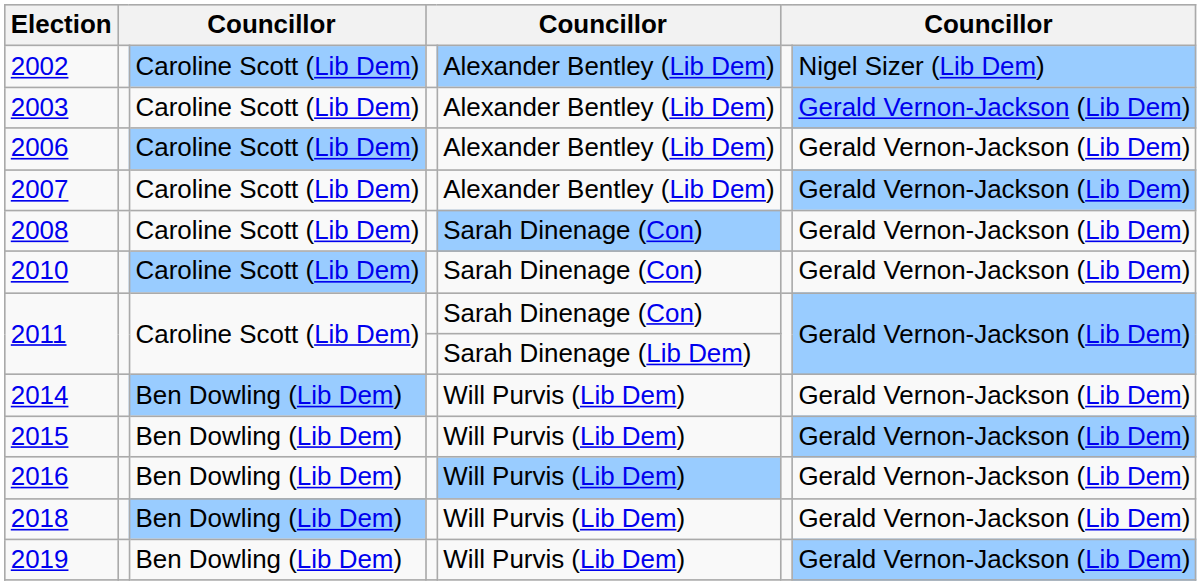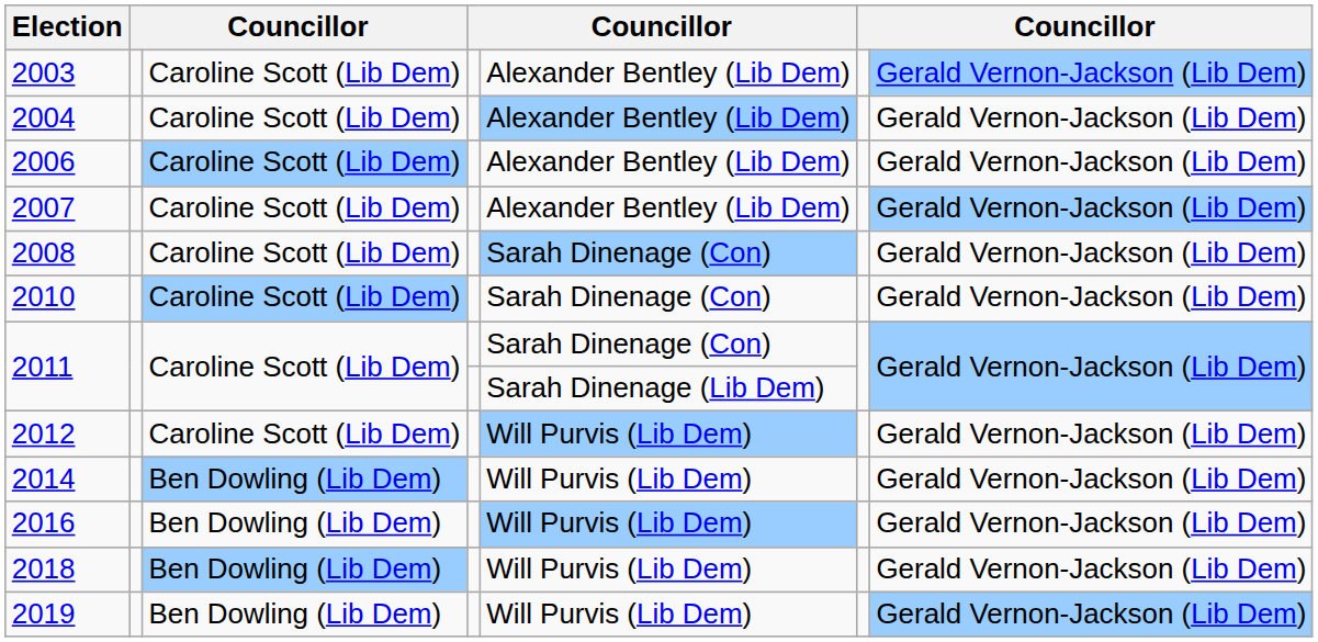 <table class="wikitable">
 <tr>
 <th>Election</th>
 <th colspan="2">Councillor</th>
 <th colspan="2">Councillor</th>
 <th colspan="2">Councillor</th>
-</tr>
-<tr>
-<td><a href='#'>2002</a></td>
-<td style="background-color: "></td>
-<td style="background:#9cf;">Caroline Scott (<a href='#'>Lib Dem</a>)</td>
-<td style="background-color: "></td>
-<td style="background:#9cf;">Alexander Bentley (<a href='#'>Lib Dem</a>)</td>
-<td style="background-color: "></td>
-<td style="background:#9cf;">Nigel Sizer (<a href='#'>Lib Dem</a>)</td>
 </tr>
 <tr>
 <td><a href='#'>2003</a></td>
 <td style="background-color: "></td>
 <td>Caroline Scott (<a href='#'>Lib Dem</a>)</td>
 <td style="background-color: "></td>
 <td>Alexander Bentley (<a href='#'>Lib Dem</a>)</td>
 <td style="background-color: "></td>
 <td style="background:#9cf;"><a href='#'>Gerald Vernon-Jackson</a> (<a href='#'>Lib Dem</a>)</td>
+</tr>
+<tr>
+<td><a href='#'>2004</a></td>
+<td style="background-color: "></td>
+<td>Caroline Scott (<a href='#'>Lib Dem</a>)</td>
+<td style="background-color: "></td>
+<td style="background:#9cf;">Alexander Bentley (<a href='#'>Lib Dem</a>)</td>
+<td style="background-color: "></td>
+<td>Gerald Vernon-Jackson (<a href='#'>Lib Dem</a>)</td>
 </tr>
 <tr>
 <td><a href='#'>2006</a></td>
 <td style="background-color: "></td>
 <td style="background:#9cf;">Caroline Scott (<a href='#'>Lib Dem</a>)</td>
 <td style="background-color: "></td>
 <td>Alexander Bentley (<a href='#'>Lib Dem</a>)</td>
 <td style="background-color: "></td>
 <td>Gerald Vernon-Jackson (<a href='#'>Lib Dem</a>)</td>
 </tr>
 <tr>
 <td><a href='#'>2007</a></td>
 <td style="background-color: "></td>
 <td>Caroline Scott (<a href='#'>Lib Dem</a>)</td>
 <td style="background-color: "></td>
 <td>Alexander Bentley (<a href='#'>Lib Dem</a>)</td>
 <td style="background-color: "></td>
 <td style="background:#9cf;">Gerald Vernon-Jackson (<a href='#'>Lib Dem</a>)</td>
 </tr>
 <tr>
 <td><a href='#'>2008</a></td>
 <td style="background-color: "></td>
 <td>Caroline Scott (<a href='#'>Lib Dem</a>)</td>
 <td style="background-color: "></td>
 <td style="background:#9cf;">Sarah Dinenage (<a href='#'>Con</a>)</td>
 <td style="background-color: "></td>
 <td>Gerald Vernon-Jackson (<a href='#'>Lib Dem</a>)</td>
 </tr>
 <tr>
 <td><a href='#'>2010</a></td>
 <td style="background-color: "></td>
 <td style="background:#9cf;">Caroline Scott (<a href='#'>Lib Dem</a>)</td>
 <td style="background-color: "></td>
 <td>Sarah Dinenage (<a href='#'>Con</a>)</td>
 <td style="background-color: "></td>
 <td>Gerald Vernon-Jackson (<a href='#'>Lib Dem</a>)</td>
 </tr>
 <tr>
 <td rowspan=2><a href='#'>2011</a></td>
 <td rowspan=2 style="background-color: "></td>
 <td rowspan=2>Caroline Scott (<a href='#'>Lib Dem</a>)</td>
 <td style="background-color: "></td>
 <td>Sarah Dinenage (<a href='#'>Con</a>)</td>
 <td rowspan=2 style="background-color: "></td>
 <td style="background:#9cf;" rowspan="2">Gerald Vernon-Jackson (<a href='#'>Lib Dem</a>)</td>
 </tr>
 <tr>
 <td style="background-color: "></td>
 <td>Sarah Dinenage (<a href='#'>Lib Dem</a>)</td>
 </tr>
 <tr>
+<td><a href='#'>2012</a></td>
+<td style="background-color: "></td>
+<td>Caroline Scott (<a href='#'>Lib Dem</a>)</td>
+<td style="background-color: "></td>
+<td style="background:#9cf;">Will Purvis (<a href='#'>Lib Dem</a>)</td>
+<td style="background-color: "></td>
+<td>Gerald Vernon-Jackson (<a href='#'>Lib Dem</a>)</td>
+</tr>
+<tr>
 <td><a href='#'>2014</a></td>
 <td style="background-color: "></td>
 <td style="background:#9cf;">Ben Dowling (<a href='#'>Lib Dem</a>)</td>
 <td style="background-color: "></td>
 <td>Will Purvis (<a href='#'>Lib Dem</a>)</td>
 <td style="background-color: "></td>
 <td>Gerald Vernon-Jackson (<a href='#'>Lib Dem</a>)</td>
-</tr>
-<tr>
-<td><a href='#'>2015</a></td>
-<td style="background-color: "></td>
-<td>Ben Dowling (<a href='#'>Lib Dem</a>)</td>
-<td style="background-color: "></td>
-<td>Will Purvis (<a href='#'>Lib Dem</a>)</td>
-<td style="background-color: "></td>
-<td style="background:#9cf;">Gerald Vernon-Jackson (<a href='#'>Lib Dem</a>)</td>
 </tr>
 <tr>
 <td><a href='#'>2016</a></td>
 <td style="background-color: "></td>
 <td>Ben Dowling (<a href='#'>Lib Dem</a>)</td>
 <td style="background-color: "></td>
 <td style="background:#9cf;">Will Purvis (<a href='#'>Lib Dem</a>)</td>
 <td style="background-color: "></td>
 <td>Gerald Vernon-Jackson (<a href='#'>Lib Dem</a>)</td>
 </tr>
 <tr>
 <td><a href='#'>2018</a></td>
 <td style="background-color: "></td>
 <td style="background:#9cf;">Ben Dowling (<a href='#'>Lib Dem</a>)</td>
 <td style="background-color: "></td>
 <td>Will Purvis (<a href='#'>Lib Dem</a>)</td>
 <td style="background-color: "></td>
 <td>Gerald Vernon-Jackson (<a href='#'>Lib Dem</a>)</td>
 </tr>
 <tr>
 <td><a href='#'>2019</a></td>
 <td style="background-color: "></td>
 <td>Ben Dowling (<a href='#'>Lib Dem</a>)</td>
 <td style="background-color: "></td>
 <td>Will Purvis (<a href='#'>Lib Dem</a>)</td>
 <td style="background-color: "></td>
 <td style="background:#9cf;">Gerald Vernon-Jackson (<a href='#'>Lib Dem</a>)</td>
 </tr>
 </table>
